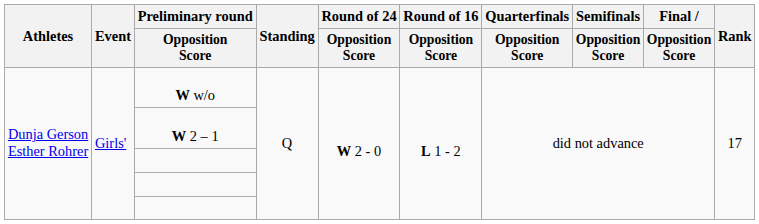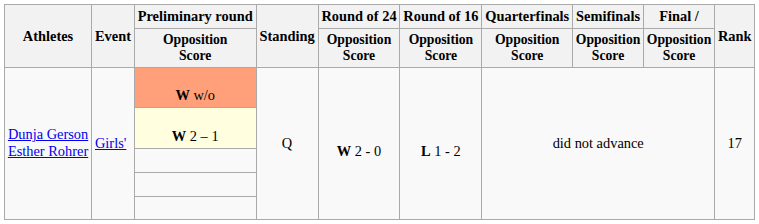 <table class=wikitable style="font-size:90%">
 <tr>
 <th rowspan="2">Athletes</th>
 <th rowspan="2">Event</th>
 <th>Preliminary round</th>
 <th rowspan="2">Standing</th>
 <th>Round of 24</th>
 <th>Round of 16</th>
 <th>Quarterfinals</th>
 <th>Semifinals</th>
 <th>Final / </th>
 <th rowspan=2>Rank</th>
 </tr>
 <tr style="font-size:95%">
 <th>Opposition<br>Score</th>
 <th>Opposition<br>Score</th>
 <th>Opposition<br>Score</th>
 <th>Opposition<br>Score</th>
 <th>Opposition<br>Score</th>
 <th>Opposition<br>Score</th>
 </tr>
 <tr align=center>
 <td align=left rowspan=5><a href='#'>Dunja Gerson</a><br><a href='#'>Esther Rohrer</a></td>
 <td align=left rowspan=5><a href='#'>Girls'</a></td>
-<td><br><strong>W</strong> w/o</td>
+<td style="background: lightsalmon;"><br><strong>W</strong> w/o</td>
 <td rowspan=5>Q</td>
 <td rowspan=5><br><strong>W</strong> 2 - 0</td>
 <td rowspan=5><br><strong>L</strong> 1 - 2</td>
 <td rowspan=5 colspan=3>did not advance</td>
 <td rowspan=5>17</td>
 </tr>
 <tr align=center>
-<td><br><strong>W</strong> 2 – 1</td>
+<td style="background: lightyellow;"><br><strong>W</strong> 2 – 1</td>
 </tr>
 <tr align=center>
 <td><br></td>
 </tr>
 <tr align=center>
 <td><br></td>
 </tr>
 <tr align=center>
 <td><br></td>
 </tr>
 </table>
